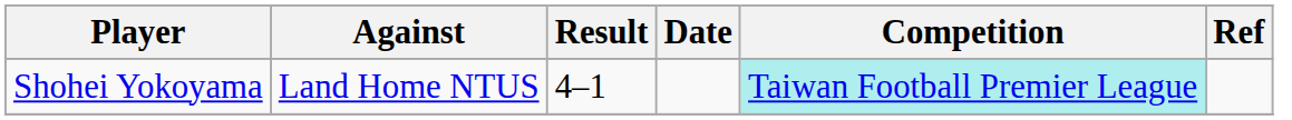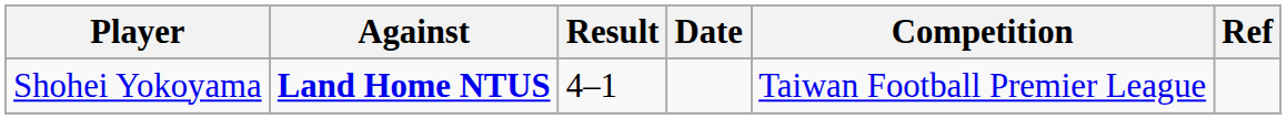 <table class="wikitable">
 <tr>
 <th>Player</th>
 <th>Against</th>
 <th>Result</th>
 <th>Date</th>
 <th>Competition</th>
 <th>Ref</th>
 </tr>
 <tr>
 <td> <a href='#'>Shohei Yokoyama</a></td>
-<td><a href='#'>Land Home NTUS</a></td>
+<td><strong><a href='#'>Land Home NTUS</a></strong></td>
 <td>4–1</td>
 <td></td>
-<td style="background: paleturquoise;"><a href='#'>Taiwan Football Premier League</a></td>
+<td><a href='#'>Taiwan Football Premier League</a></td>
 <td></td>
 </tr>
 <tr>
 </tr>
 </table>
